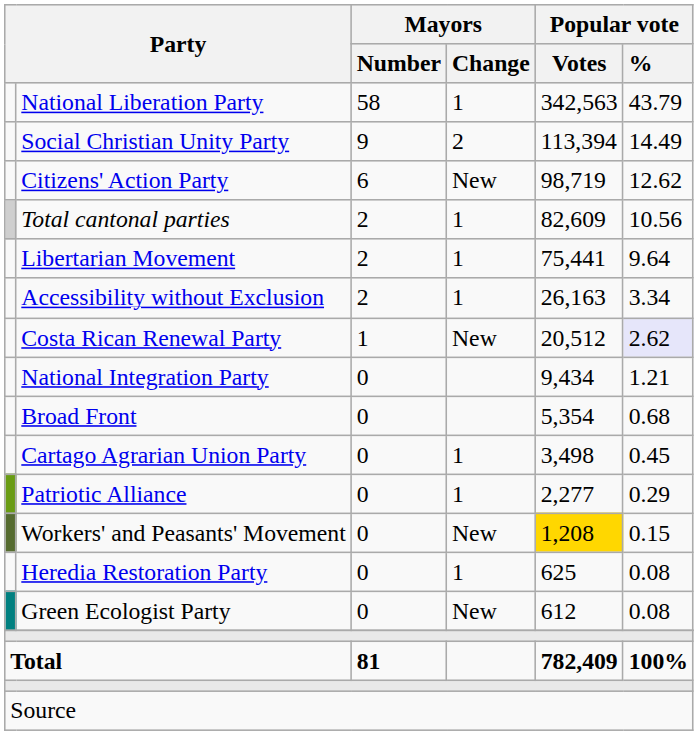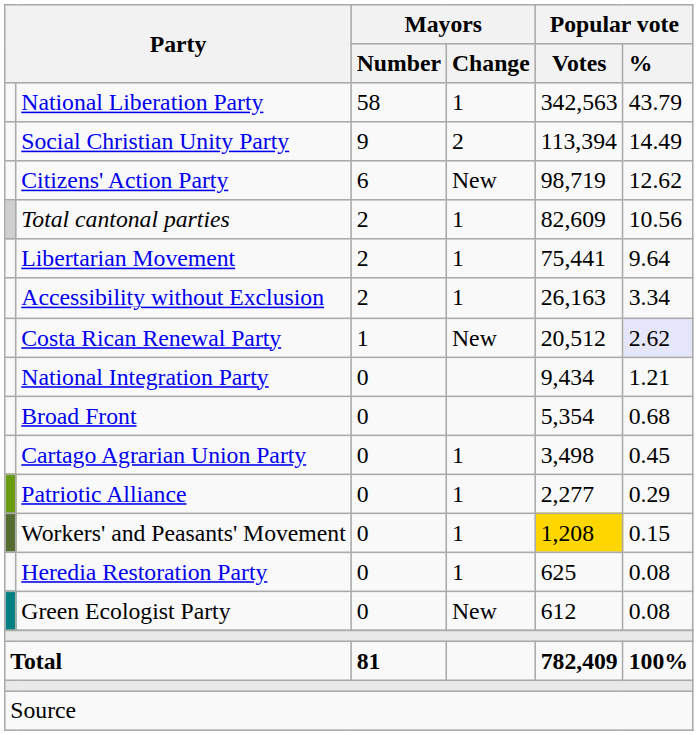 <table class="wikitable" style="text-align:left;font-size:95%;">
 <tr>
 <th colspan="2" rowspan="2">Party</th>
 <th colspan="2">Mayors</th>
 <th colspan="2">Popular vote</th>
 </tr>
 <tr>
 <th valign="top">Number</th>
 <th style="text-align: left;" valign="top">Change</th>
 <th valign="top">Votes</th>
 <th style="text-align: left;" valign="top">%</th>
 </tr>
 <tr>
 <td></td>
 <td><a href='#'>National Liberation Party</a></td>
 <td>58</td>
 <td>1</td>
 <td>342,563</td>
 <td>43.79</td>
 </tr>
 <tr>
 <td></td>
 <td><a href='#'>Social Christian Unity Party</a></td>
 <td>9</td>
 <td>2</td>
 <td>113,394</td>
 <td>14.49</td>
 </tr>
 <tr>
 <td></td>
 <td><a href='#'>Citizens' Action Party</a></td>
 <td>6</td>
 <td>New</td>
 <td>98,719</td>
 <td>12.62</td>
 </tr>
 <tr>
 <td bgcolor="#cfcfcf"></td>
 <td><em>Total cantonal parties</em></td>
 <td>2</td>
 <td>1</td>
 <td>82,609</td>
 <td>10.56</td>
 </tr>
 <tr>
 <td></td>
 <td><a href='#'>Libertarian Movement</a></td>
 <td>2</td>
 <td>1</td>
 <td>75,441</td>
 <td>9.64</td>
 </tr>
 <tr>
 <td></td>
 <td><a href='#'>Accessibility without Exclusion</a></td>
 <td>2</td>
 <td>1</td>
 <td>26,163</td>
 <td>3.34</td>
 </tr>
 <tr>
 <td></td>
 <td><a href='#'>Costa Rican Renewal Party</a></td>
 <td>1</td>
 <td>New</td>
 <td>20,512</td>
 <td style="background: lavender;">2.62</td>
 </tr>
 <tr>
 <td></td>
 <td><a href='#'>National Integration Party</a></td>
 <td>0</td>
 <td></td>
 <td>9,434</td>
 <td>1.21</td>
 </tr>
 <tr>
 <td></td>
 <td><a href='#'>Broad Front</a></td>
 <td>0</td>
 <td></td>
 <td>5,354</td>
 <td>0.68</td>
 </tr>
 <tr>
 <td></td>
 <td><a href='#'>Cartago Agrarian Union Party</a></td>
 <td>0</td>
 <td>1</td>
 <td>3,498</td>
 <td>0.45</td>
 </tr>
 <tr>
 <td bgcolor="#699C13"></td>
 <td><a href='#'>Patriotic Alliance</a></td>
 <td>0</td>
 <td>1</td>
 <td>2,277</td>
 <td>0.29</td>
 </tr>
 <tr>
 <td bgcolor="#556B2F"></td>
 <td>Workers' and Peasants' Movement</td>
 <td>0</td>
-<td>New</td>
+<td>1</td>
 <td style="background: gold;">1,208</td>
 <td>0.15</td>
 </tr>
 <tr>
 <td></td>
 <td><a href='#'>Heredia Restoration Party</a></td>
 <td>0</td>
 <td>1</td>
 <td>625</td>
 <td>0.08</td>
 </tr>
 <tr>
 <td bgcolor="#008080"></td>
 <td>Green Ecologist Party</td>
 <td>0</td>
 <td>New</td>
 <td>612</td>
 <td>0.08</td>
 </tr>
 <tr>
 </tr>
 <tr>
 <td colspan="6" bgcolor="#E9E9E9"></td>
 </tr>
 <tr>
 <td colspan="2"><strong>Total</strong></td>
 <td><strong>81</strong></td>
 <td></td>
 <td><strong>782,409</strong></td>
 <td><strong>100%</strong></td>
 </tr>
 <tr>
 <td colspan="6" bgcolor="#E9E9E9"></td>
 </tr>
 <tr>
 <td colspan=6>Source</td>
 </tr>
 </table>
